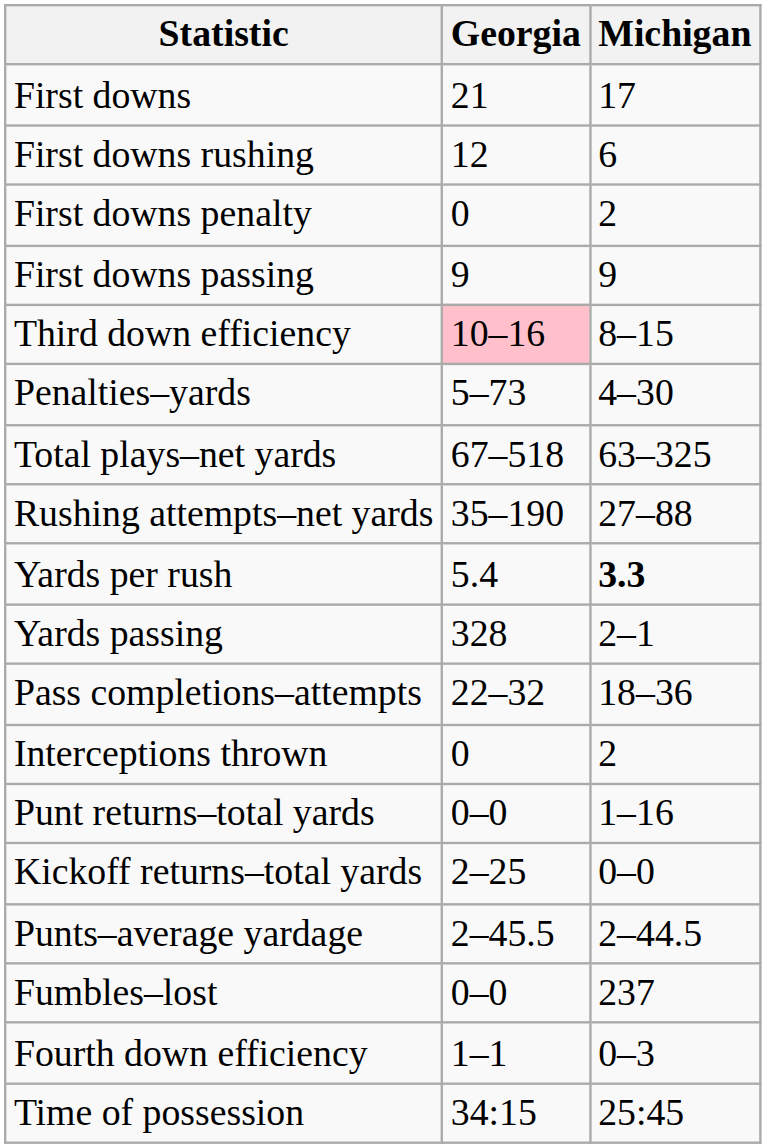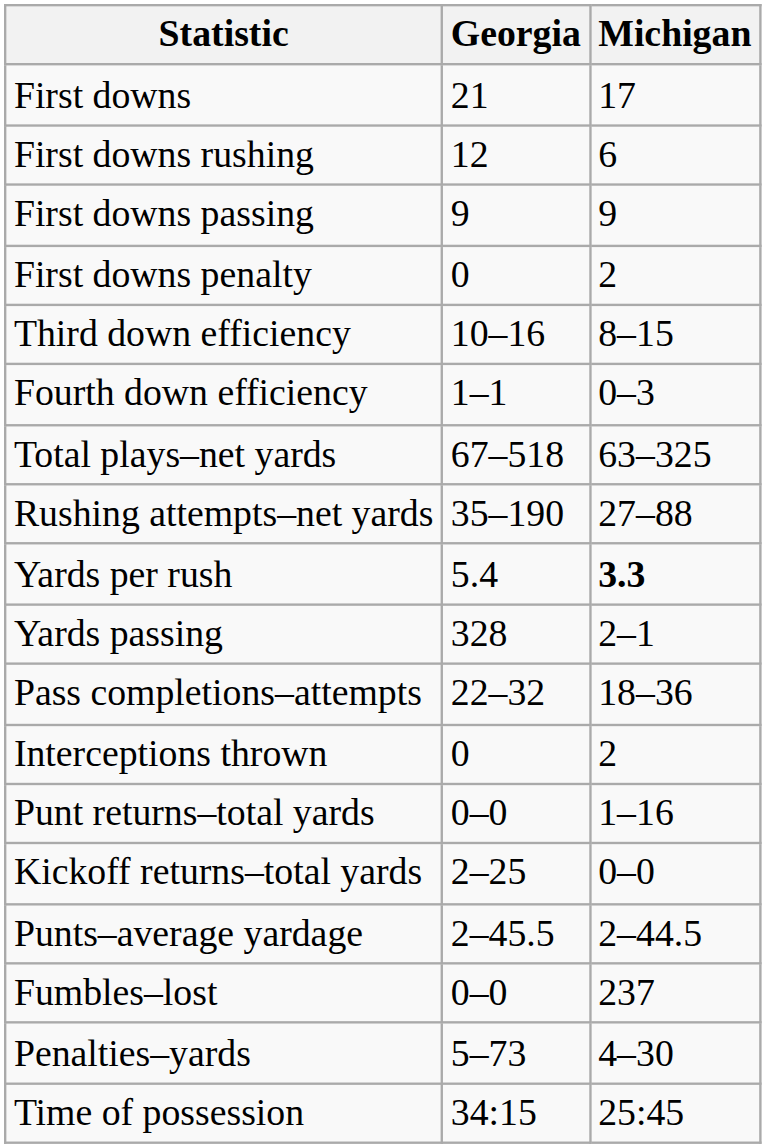 <table class="wikitable">
 <tr>
 <th>Statistic</th>
 <th><strong>Georgia</strong></th>
 <th><strong>Michigan</strong></th>
 </tr>
 <tr>
 <td>First downs</td>
 <td>21</td>
 <td>17</td>
 </tr>
 <tr>
 <td>First downs rushing</td>
 <td>12</td>
 <td>6</td>
 </tr>
 <tr>
+<td>First downs passing</td>
+<td>9</td>
+<td>9</td>
+</tr>
+<tr>
 <td>First downs penalty</td>
 <td>0</td>
 <td>2</td>
 </tr>
 <tr>
-<td>First downs passing</td>
-<td>9</td>
-<td>9</td>
-</tr>
-<tr>
 <td>Third down efficiency</td>
-<td style="background: pink;">10–16</td>
+<td>10–16</td>
 <td>8–15</td>
 </tr>
 <tr>
-<td>Penalties–yards</td>
-<td>5–73</td>
-<td>4–30</td>
+<td>Fourth down efficiency</td>
+<td>1–1</td>
+<td>0–3</td>
 </tr>
 <tr>
 <td>Total plays–net yards</td>
 <td>67–518</td>
 <td>63–325</td>
 </tr>
 <tr>
 <td>Rushing attempts–net yards</td>
 <td>35–190</td>
 <td>27–88</td>
 </tr>
 <tr>
 <td>Yards per rush</td>
 <td>5.4</td>
 <td><strong>3.3</strong></td>
 </tr>
 <tr>
 <td>Yards passing</td>
 <td>328</td>
 <td>2–1</td>
 </tr>
 <tr>
 <td>Pass completions–attempts</td>
 <td>22–32</td>
 <td>18–36</td>
 </tr>
 <tr>
 <td>Interceptions thrown</td>
 <td>0</td>
 <td>2</td>
 </tr>
 <tr>
 <td>Punt returns–total yards</td>
 <td>0–0</td>
 <td>1–16</td>
 </tr>
 <tr>
 <td>Kickoff returns–total yards</td>
 <td>2–25</td>
 <td>0–0</td>
 </tr>
 <tr>
 <td>Punts–average yardage</td>
 <td>2–45.5</td>
 <td>2–44.5</td>
 </tr>
 <tr>
 <td>Fumbles–lost</td>
 <td>0–0</td>
 <td>237</td>
 </tr>
 <tr>
-<td>Fourth down efficiency</td>
-<td>1–1</td>
-<td>0–3</td>
+<td>Penalties–yards</td>
+<td>5–73</td>
+<td>4–30</td>
 </tr>
 <tr>
 <td>Time of possession</td>
 <td>34:15</td>
 <td>25:45</td>
 </tr>
 </table>
